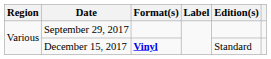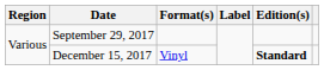 <table class="wikitable plainrowheaders">
 <tr>
 <th scope="col">Region</th>
 <th scope="col">Date</th>
 <th scope="col">Format(s)</th>
 <th scope="col">Label</th>
 <th scope="col">Edition(s)</th>
 <th scope="col"></th>
 </tr>
 <tr>
 <td scope="row" rowspan="2">Various</td>
 <td>September 29, 2017</td>
 <td></td>
 <td rowspan="2"></td>
 <td></td>
 <td style="text-align:center;"></td>
 </tr>
 <tr>
 <td>December 15, 2017</td>
-<td><strong><a href='#'>Vinyl</a></strong></td>
-<td>Standard</td>
+<td><a href='#'>Vinyl</a></td>
+<td><strong>Standard</strong></td>
 <td style="text-align:center;"></td>
 </tr>
 </table>
